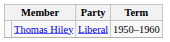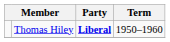 <table class="wikitable">
 <tr>
 <th colspan=2>Member</th>
 <th>Party</th>
 <th>Term</th>
 </tr>
 <tr>
 <td> </td>
 <td><a href='#'>Thomas Hiley</a></td>
-<td><a href='#'>Liberal</a></td>
+<td><strong><a href='#'>Liberal</a></strong></td>
 <td>1950–1960</td>
 </tr>
 <tr>
 </tr>
 </table>
